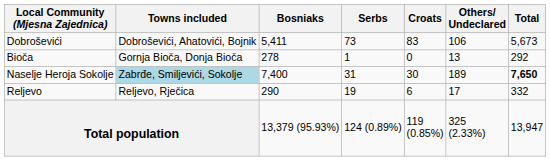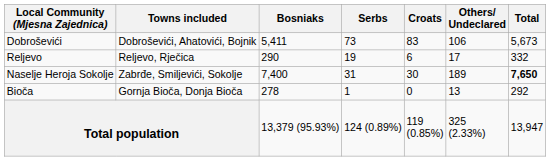 <table class="wikitable">
 <tr>
 <th>Local Community<br><em>(Mjesna Zajednica)</em></th>
 <th>Towns included</th>
 <th>Bosniaks</th>
 <th>Serbs</th>
 <th>Croats</th>
 <th>Others/<br>Undeclared</th>
 <th>Total</th>
 </tr>
 <tr>
 <td>Dobroševići</td>
 <td>Dobroševići, Ahatovići, Bojnik</td>
 <td>5,411</td>
 <td>73</td>
 <td>83</td>
 <td>106</td>
 <td>5,673</td>
 </tr>
 <tr>
+<td>Reljevo</td>
+<td>Reljevo, Rječica</td>
+<td>290</td>
+<td>19</td>
+<td>6</td>
+<td>17</td>
+<td>332</td>
+</tr>
+<tr>
+<td>Naselje Heroja Sokolje</td>
+<td>Zabrđe, Smiljevići, Sokolje</td>
+<td>7,400</td>
+<td>31</td>
+<td>30</td>
+<td>189</td>
+<td><strong>7,650</strong></td>
+</tr>
+<tr>
 <td>Bioča</td>
 <td>Gornja Bioča, Donja Bioča</td>
 <td>278</td>
 <td>1</td>
 <td>0</td>
 <td>13</td>
 <td>292</td>
-</tr>
-<tr>
-<td>Naselje Heroja Sokolje</td>
-<td style="background: lightblue;">Zabrđe, Smiljevići, Sokolje</td>
-<td>7,400</td>
-<td>31</td>
-<td>30</td>
-<td>189</td>
-<td><strong>7,650</strong></td>
-</tr>
-<tr>
-<td>Reljevo</td>
-<td>Reljevo, Rječica</td>
-<td>290</td>
-<td>19</td>
-<td>6</td>
-<td>17</td>
-<td>332</td>
 </tr>
 <tr>
 <th colspan="2"><br><h3>Total population</h3></th>
 <td>13,379 (95.93%)</td>
 <td>124 (0.89%)</td>
 <td>119<br>(0.85%)</td>
 <td>325<br>(2.33%)</td>
 <td>13,947</td>
 </tr>
 </table>
